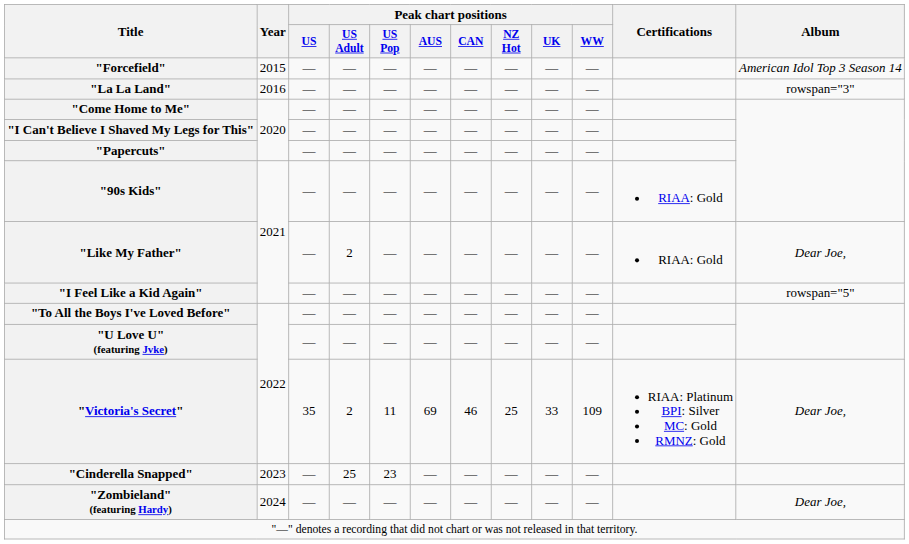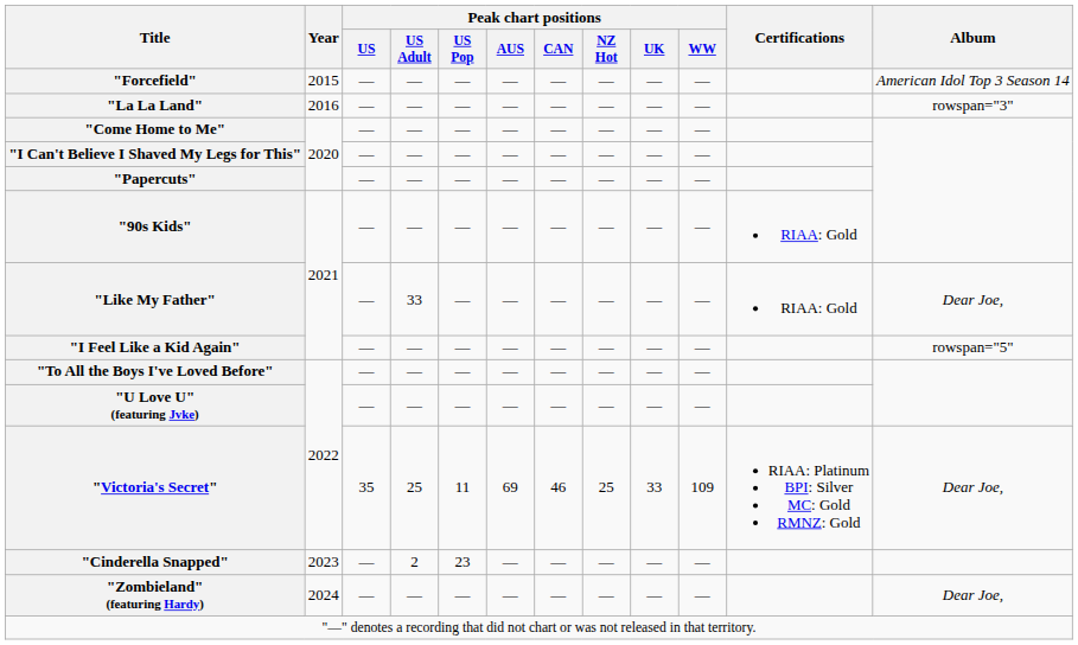 <table class="wikitable plainrowheaders" style="text-align:center">
 <tr>
 <th rowspan="2">Title</th>
 <th rowspan="2">Year</th>
 <th colspan="8">Peak chart positions</th>
 <th rowspan="2">Certifications</th>
 <th rowspan="2">Album</th>
 </tr>
 <tr>
 <th scope="col" style="width:3em;font-size:90%;"><a href='#'>US</a><br></th>
 <th scope="col" style="width:3em;font-size:90%;"><a href='#'>US<br>Adult</a><br></th>
 <th scope="col" style="width:3em;font-size:90%;"><a href='#'>US<br>Pop</a><br></th>
 <th scope="col" style="width:3em;font-size:90%;"><a href='#'>AUS</a><br></th>
 <th scope="col" style="width:3em;font-size:90%;"><a href='#'>CAN</a><br></th>
 <th scope="col" style="width:3em;font-size:90%;"><a href='#'>NZ<br>Hot</a><br></th>
 <th scope="col" style="width:3em;font-size:90%;"><a href='#'>UK</a><br></th>
 <th scope="col" style="width:3em;font-size:90%;"><a href='#'>WW</a><br></th>
 </tr>
 <tr>
 <th scope="row">"Forcefield"</th>
 <td>2015</td>
 <td>—</td>
 <td>—</td>
 <td>—</td>
 <td>—</td>
 <td>—</td>
 <td>—</td>
 <td>—</td>
 <td>—</td>
 <td></td>
 <td><em>American Idol Top 3 Season 14</em></td>
 </tr>
 <tr>
 <th scope="row">"La La Land"</th>
 <td>2016</td>
 <td>—</td>
 <td>—</td>
 <td>—</td>
 <td>—</td>
 <td>—</td>
 <td>—</td>
 <td>—</td>
 <td>—</td>
 <td></td>
 <td>rowspan="3" </td>
 </tr>
 <tr>
 <th scope="row">"Come Home to Me"</th>
 <td rowspan="3">2020</td>
 <td>—</td>
 <td>—</td>
 <td>—</td>
 <td>—</td>
 <td>—</td>
 <td>—</td>
 <td>—</td>
 <td>—</td>
 <td></td>
 </tr>
 <tr>
 <th scope="row">"I Can't Believe I Shaved My Legs for This"</th>
 <td>—</td>
 <td>—</td>
 <td>—</td>
 <td>—</td>
 <td>—</td>
 <td>—</td>
 <td>—</td>
 <td>—</td>
 <td></td>
 </tr>
 <tr>
 <th scope="row">"Papercuts"</th>
 <td>—</td>
 <td>—</td>
 <td>—</td>
 <td>—</td>
 <td>—</td>
 <td>—</td>
 <td>—</td>
 <td>—</td>
 <td></td>
 </tr>
 <tr>
 <th scope="row">"90s Kids"</th>
 <td rowspan="3">2021</td>
 <td>—</td>
 <td>—</td>
 <td>—</td>
 <td>—</td>
 <td>—</td>
 <td>—</td>
 <td>—</td>
 <td>—</td>
 <td><br><ul><li><a href='#'>RIAA</a>: Gold</li></ul></td>
 </tr>
 <tr>
 <th scope="row">"Like My Father"</th>
 <td>—</td>
-<td>2</td>
+<td>33</td>
 <td>—</td>
 <td>—</td>
 <td>—</td>
 <td>—</td>
 <td>—</td>
 <td>—</td>
 <td><br><ul><li>RIAA: Gold</li></ul></td>
 <td><em>Dear Joe,</em></td>
 </tr>
 <tr>
 <th scope="row">"I Feel Like a Kid Again"</th>
 <td>—</td>
 <td>—</td>
 <td>—</td>
 <td>—</td>
 <td>—</td>
 <td>—</td>
 <td>—</td>
 <td>—</td>
 <td></td>
 <td>rowspan="5" </td>
 </tr>
 <tr>
 <th scope="row">"To All the Boys I've Loved Before"</th>
 <td rowspan="3">2022</td>
 <td>—</td>
 <td>—</td>
 <td>—</td>
 <td>—</td>
 <td>—</td>
 <td>—</td>
 <td>—</td>
 <td>—</td>
 <td></td>
 </tr>
 <tr>
 <th scope="row">"U Love U"<br><small>(featuring <a href='#'>Jvke</a>)</small></th>
 <td>—</td>
 <td>—</td>
 <td>—</td>
 <td>—</td>
 <td>—</td>
 <td>—</td>
 <td>—</td>
 <td>—</td>
 <td></td>
 </tr>
 <tr>
 <th scope="row">"<a href='#'>Victoria's Secret</a>"</th>
 <td>35</td>
-<td>2</td>
+<td>25</td>
 <td>11</td>
 <td>69</td>
 <td>46</td>
 <td>25</td>
 <td>33</td>
 <td>109</td>
 <td><br><ul><li>RIAA: Platinum</li><li><a href='#'>BPI</a>: Silver</li><li><a href='#'>MC</a>: Gold</li><li><a href='#'>RMNZ</a>: Gold</li></ul></td>
 <td><em>Dear Joe,</em></td>
 </tr>
 <tr>
 <th scope="row">"Cinderella Snapped"</th>
 <td>2023</td>
 <td>—</td>
-<td>25</td>
+<td>2</td>
 <td>23</td>
 <td>—</td>
 <td>—</td>
 <td>—</td>
 <td>—</td>
 <td>—</td>
 <td></td>
 <td></td>
 </tr>
 <tr>
 <th scope="row">"Zombieland"<br><small>(featuring <a href='#'>Hardy</a>)</small></th>
 <td>2024</td>
 <td>—</td>
 <td>—</td>
 <td>—</td>
 <td>—</td>
 <td>—</td>
 <td>—</td>
 <td>—</td>
 <td>—</td>
 <td></td>
 <td><em>Dear Joe,</em></td>
 </tr>
 <tr>
 <td colspan="14" style="font-size:90%">"—" denotes a recording that did not chart or was not released in that territory.</td>
 </tr>
 </table>
